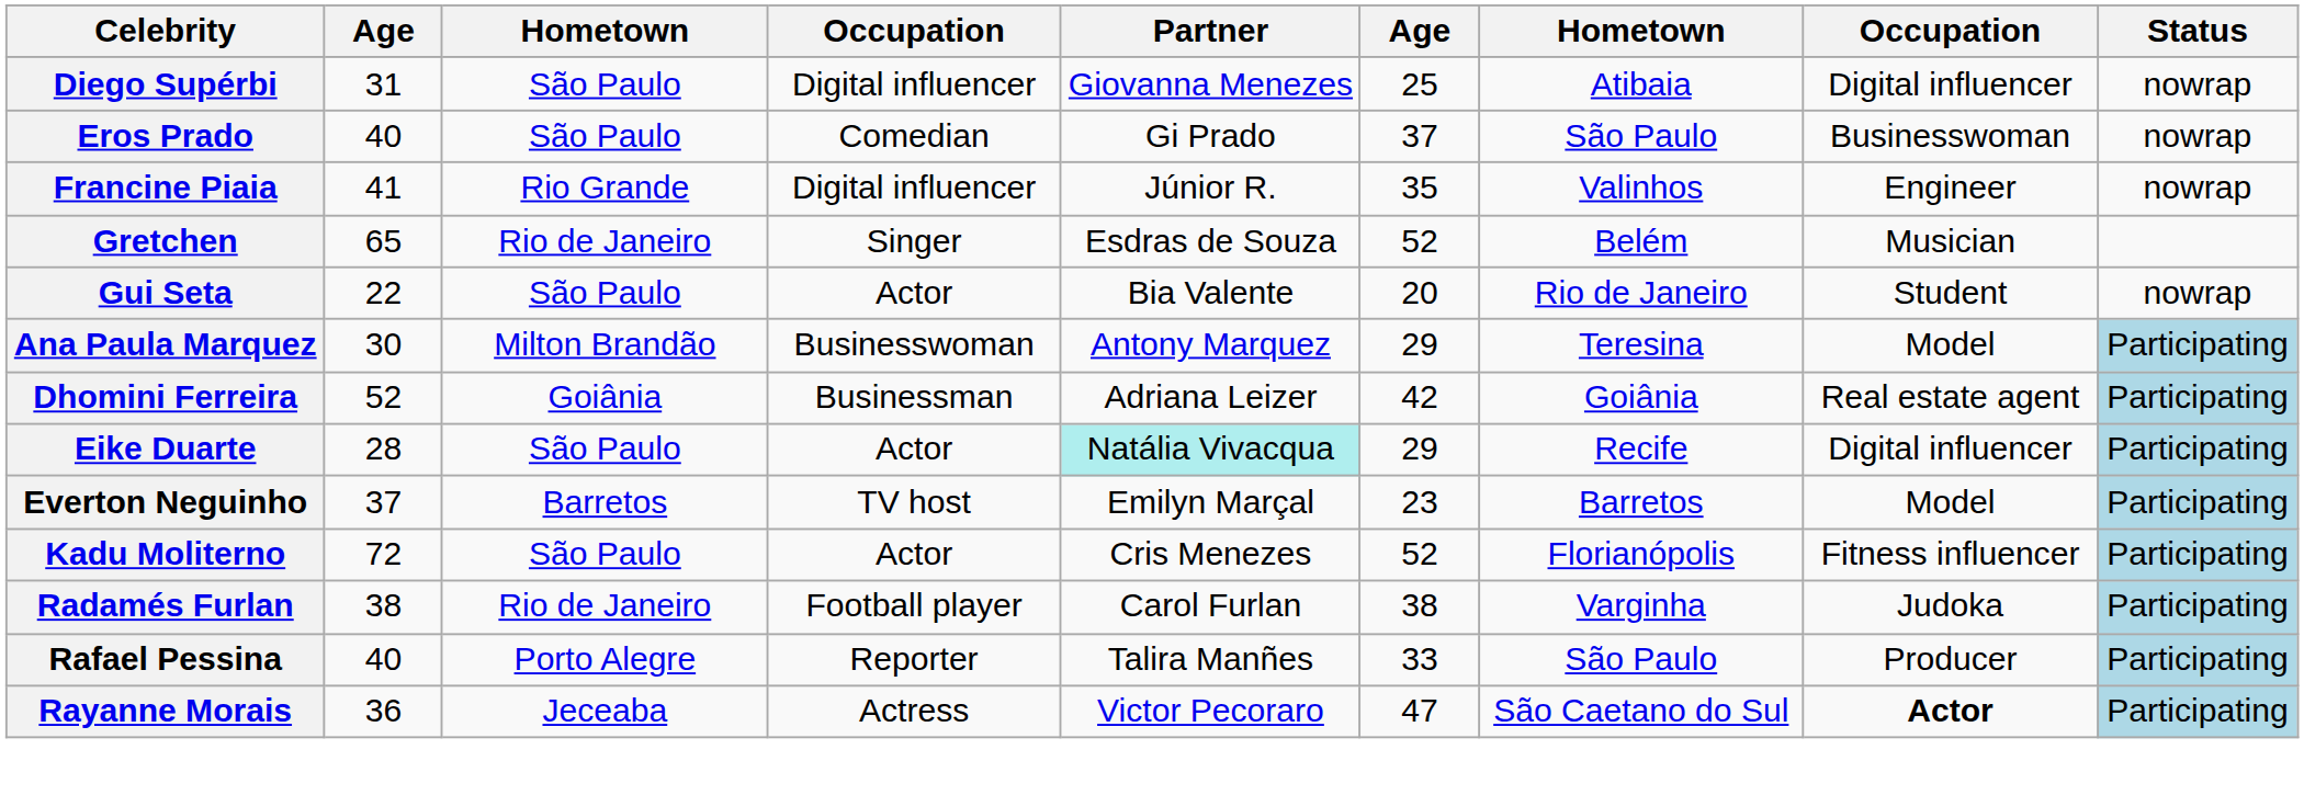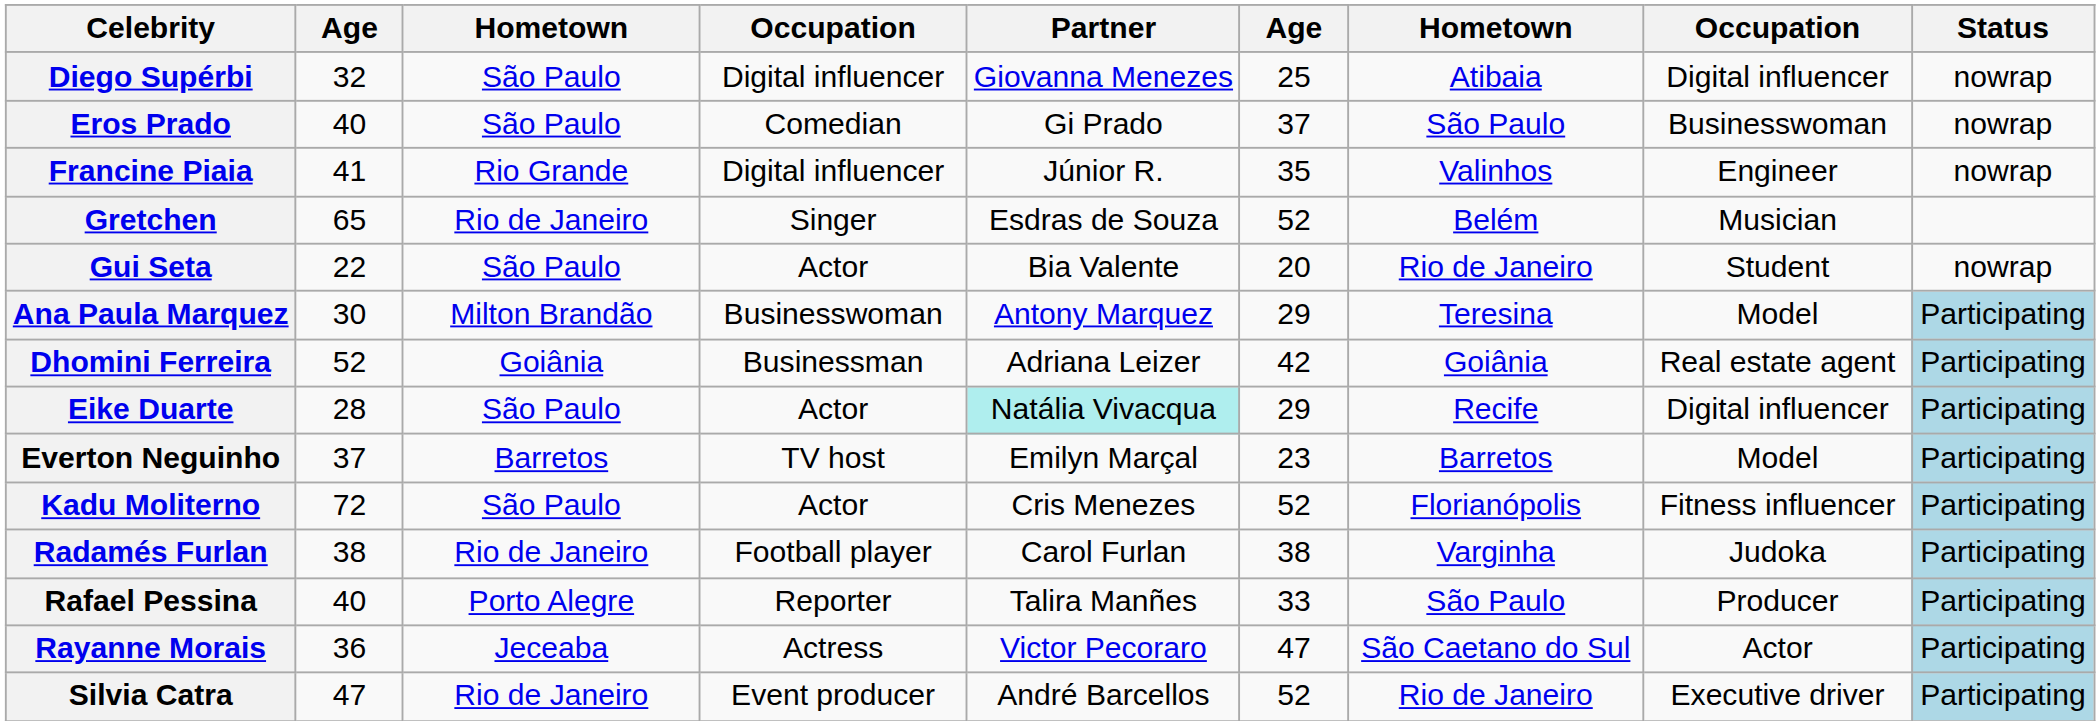 <table class= "wikitable sortable" style="margin: 1em auto; text-align: center; margin:auto; align: center;">
 <tr>
 <th width=135>Celebrity</th>
 <th width=050>Age</th>
 <th width=150>Hometown</th>
 <th width=135>Occupation</th>
 <th width=135>Partner</th>
 <th width=050>Age</th>
 <th width=150>Hometown</th>
 <th width=135>Occupation</th>
 <th width=090>Status</th>
 </tr>
 <tr>
 <th><a href='#'>Diego Supérbi</a></th>
-<td>31</td>
+<td>32</td>
 <td><a href='#'>São Paulo</a></td>
 <td>Digital influencer</td>
 <td nowrap><a href='#'>Giovanna Menezes</a></td>
 <td>25</td>
 <td><a href='#'>Atibaia</a></td>
 <td>Digital influencer</td>
 <td>nowrap <br></td>
 </tr>
 <tr>
 <th><a href='#'>Eros Prado</a></th>
 <td>40</td>
 <td><a href='#'>São Paulo</a></td>
 <td>Comedian</td>
 <td>Gi Prado</td>
 <td>37</td>
 <td><a href='#'>São Paulo</a></td>
 <td>Businesswoman</td>
 <td>nowrap <br></td>
 </tr>
 <tr>
 <th><a href='#'>Francine Piaia</a></th>
 <td>41</td>
 <td><a href='#'>Rio Grande</a></td>
 <td>Digital influencer</td>
 <td>Júnior R.</td>
 <td>35</td>
 <td><a href='#'>Valinhos</a></td>
 <td>Engineer</td>
 <td>nowrap <br></td>
 </tr>
 <tr>
 <th><a href='#'>Gretchen</a></th>
 <td>65</td>
 <td><a href='#'>Rio de Janeiro</a></td>
 <td>Singer</td>
 <td>Esdras de Souza</td>
 <td>52</td>
 <td><a href='#'>Belém</a></td>
 <td>Musician</td>
 <td><br></td>
 </tr>
 <tr>
 <th><a href='#'>Gui Seta</a></th>
 <td>22</td>
 <td><a href='#'>São Paulo</a></td>
 <td>Actor</td>
 <td>Bia Valente</td>
 <td>20</td>
 <td><a href='#'>Rio de Janeiro</a></td>
 <td>Student</td>
 <td>nowrap <br></td>
 </tr>
 <tr>
 <th nowrap><a href='#'>Ana Paula Marquez</a></th>
 <td>30</td>
 <td><a href='#'>Milton Brandão</a></td>
 <td>Businesswoman</td>
 <td><a href='#'>Antony Marquez</a></td>
 <td>29</td>
 <td><a href='#'>Teresina</a></td>
 <td>Model</td>
 <td bgcolor="#ADD8E6">Participating</td>
 </tr>
 <tr>
 <th><a href='#'>Dhomini Ferreira</a></th>
 <td>52</td>
 <td><a href='#'>Goiânia</a></td>
 <td>Businessman</td>
 <td>Adriana Leizer</td>
 <td>42</td>
 <td><a href='#'>Goiânia</a></td>
 <td>Real estate agent</td>
 <td bgcolor="#ADD8E6">Participating</td>
 </tr>
 <tr>
 <th><a href='#'>Eike Duarte</a></th>
 <td>28</td>
 <td><a href='#'>São Paulo</a></td>
 <td>Actor</td>
 <td style="background: paleturquoise;">Natália Vivacqua</td>
 <td>29</td>
 <td><a href='#'>Recife</a></td>
 <td>Digital influencer</td>
 <td bgcolor="#ADD8E6">Participating</td>
 </tr>
 <tr>
 <th>Everton Neguinho</th>
 <td>37</td>
 <td><a href='#'>Barretos</a></td>
 <td>TV host</td>
 <td>Emilyn Marçal</td>
 <td>23</td>
 <td><a href='#'>Barretos</a></td>
 <td>Model</td>
 <td bgcolor="#ADD8E6">Participating</td>
 </tr>
 <tr>
 <th><a href='#'>Kadu Moliterno</a></th>
 <td>72</td>
 <td><a href='#'>São Paulo</a></td>
 <td>Actor</td>
 <td>Cris Menezes</td>
 <td>52</td>
 <td><a href='#'>Florianópolis</a></td>
 <td>Fitness influencer</td>
 <td bgcolor="#ADD8E6">Participating</td>
 </tr>
 <tr>
 <th><a href='#'>Radamés Furlan</a></th>
 <td>38</td>
 <td><a href='#'>Rio de Janeiro</a></td>
 <td>Football player</td>
 <td>Carol Furlan</td>
 <td>38</td>
 <td><a href='#'>Varginha</a></td>
 <td>Judoka</td>
 <td bgcolor="#ADD8E6">Participating</td>
 </tr>
 <tr>
 <th>Rafael Pessina</th>
 <td>40</td>
 <td><a href='#'>Porto Alegre</a></td>
 <td>Reporter</td>
 <td>Talira Manñes</td>
 <td>33</td>
 <td><a href='#'>São Paulo</a></td>
 <td>Producer</td>
 <td bgcolor="#ADD8E6">Participating</td>
 </tr>
 <tr>
 <th><a href='#'>Rayanne Morais</a></th>
 <td>36</td>
 <td><a href='#'>Jeceaba</a></td>
 <td>Actress</td>
 <td><a href='#'>Victor Pecoraro</a></td>
 <td>47</td>
 <td><a href='#'>São Caetano do Sul</a></td>
-<td><strong>Actor</strong></td>
+<td>Actor</td>
+<td bgcolor="#ADD8E6">Participating</td>
+</tr>
+<tr>
+<th>Silvia Catra</th>
+<td>47</td>
+<td><a href='#'>Rio de Janeiro</a></td>
+<td>Event producer</td>
+<td>André Barcellos</td>
+<td>52</td>
+<td><a href='#'>Rio de Janeiro</a></td>
+<td>Executive driver</td>
 <td bgcolor="#ADD8E6">Participating</td>
 </tr>
 </table>
